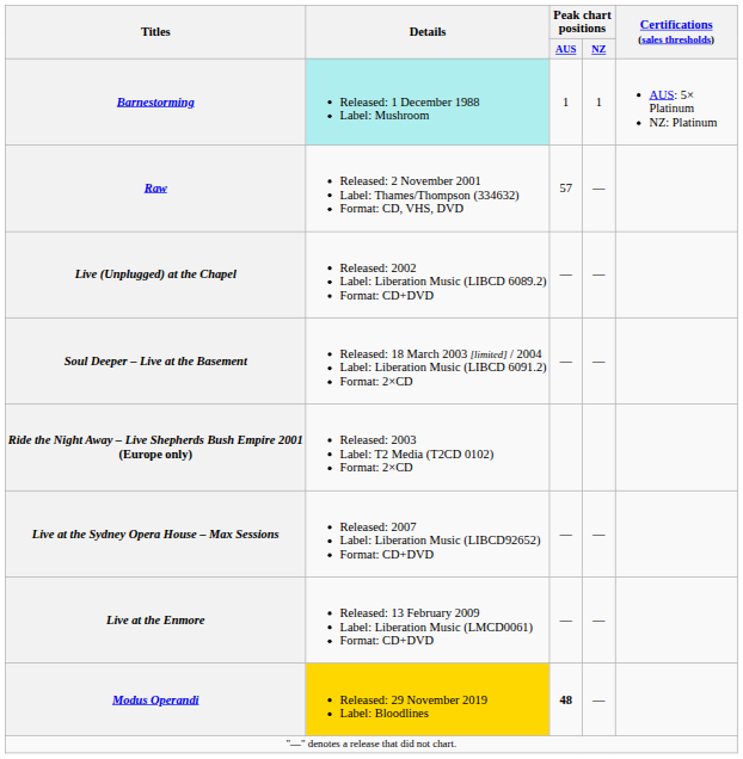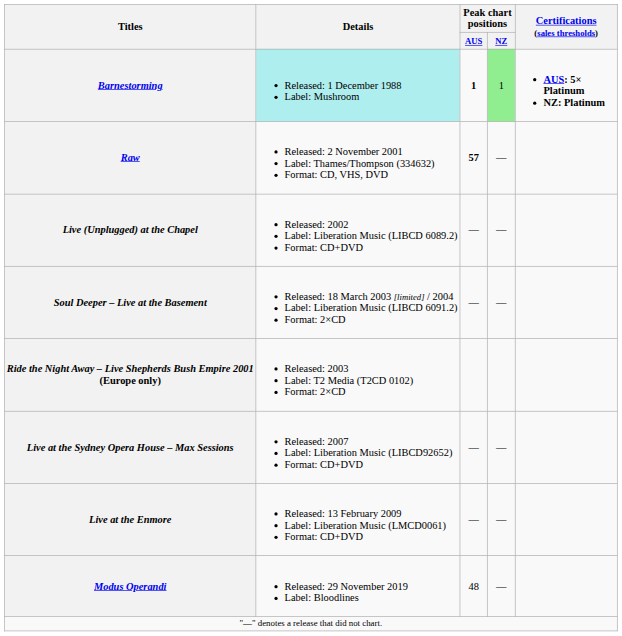 <table class="wikitable plainrowheaders">
 <tr>
 <th scope="col" rowspan="2">Titles</th>
 <th scope="col" rowspan="2">Details</th>
 <th scope="col" colspan="2">Peak chart positions</th>
 <th scope="col" rowspan="2" width="150"><a href='#'>Certifications</a><br><small>(<a href='#'>sales thresholds</a>)</small></th>
 </tr>
 <tr>
 <th scope="col" width="35"><small><a href='#'>AUS</a></small><br></th>
 <th scope="col" width="35"><small><a href='#'>NZ</a></small><br></th>
 </tr>
 <tr>
 <th scope="row"><em><a href='#'>Barnestorming</a></em></th>
 <td style="background: paleturquoise;"><br><ul><li>Released: 1 December 1988</li><li>Label: Mushroom</li></ul></td>
-<td align="center">1</td>
-<td align="center">1</td>
-<td><br><ul><li><a href='#'>AUS</a>: 5× Platinum</li><li>NZ: Platinum</li></ul></td>
+<td align="center"><strong>1</strong></td>
+<td align="center" style="background: lightgreen;">1</td>
+<td><strong><br><ul><li><a href='#'>AUS</a>: 5× Platinum</li><li>NZ: Platinum</li></ul></strong></td>
 </tr>
 <tr>
 <th scope="row"><em><a href='#'>Raw</a></em></th>
 <td><br><ul><li>Released: 2 November 2001</li><li>Label: Thames/Thompson (334632)</li><li>Format: CD, VHS, DVD</li></ul></td>
-<td align="center">57</td>
+<td align="center"><strong>57</strong></td>
 <td align="center">—</td>
 <td></td>
 </tr>
 <tr>
 <th scope="row"><em>Live (Unplugged) at the Chapel</em></th>
 <td><br><ul><li>Released: 2002</li><li>Label: Liberation Music (LIBCD 6089.2)</li><li>Format: CD+DVD</li></ul></td>
 <td align="center">—</td>
 <td align="center">—</td>
 <td></td>
 </tr>
 <tr>
 <th scope="row"><em>Soul Deeper – Live at the Basement</em></th>
 <td><br><ul><li>Released: 18 March 2003 <small><em>[limited]</em></small> / 2004</li><li>Label: Liberation Music (LIBCD 6091.2)</li><li>Format: 2×CD</li></ul></td>
 <td align="center">—</td>
 <td align="center">—</td>
 <td></td>
 </tr>
 <tr>
 <th scope="row"><em>Ride the Night Away – Live Shepherds Bush Empire 2001</em> <br> (Europe only)</th>
 <td><br><ul><li>Released: 2003</li><li>Label: T2 Media (T2CD 0102)</li><li>Format: 2×CD</li></ul></td>
 <td></td>
 <td></td>
 <td></td>
 </tr>
 <tr>
 <th scope="row"><em>Live at the Sydney Opera House – Max Sessions</em></th>
 <td><br><ul><li>Released: 2007</li><li>Label: Liberation Music (LIBCD92652)</li><li>Format: CD+DVD</li></ul></td>
 <td align="center">—</td>
 <td align="center">—</td>
 <td></td>
 </tr>
 <tr>
 <th scope="row"><em>Live at the Enmore</em></th>
 <td><br><ul><li>Released: 13 February 2009</li><li>Label: Liberation Music (LMCD0061)</li><li>Format: CD+DVD</li></ul></td>
 <td align="center">—</td>
 <td align="center">—</td>
 <td></td>
 </tr>
 <tr>
 <th scope="row"><em><a href='#'>Modus Operandi</a></em></th>
-<td style="background: gold;"><br><ul><li>Released: 29 November 2019</li><li>Label: Bloodlines</li></ul></td>
-<td align="center"><strong>48</strong></td>
+<td><br><ul><li>Released: 29 November 2019</li><li>Label: Bloodlines</li></ul></td>
+<td align="center">48</td>
 <td align="center">—</td>
 <td></td>
 </tr>
 <tr>
 <td align="center" colspan="13" style="font-size: 85%">"—" denotes a release that did not chart.</td>
 </tr>
 </table>
